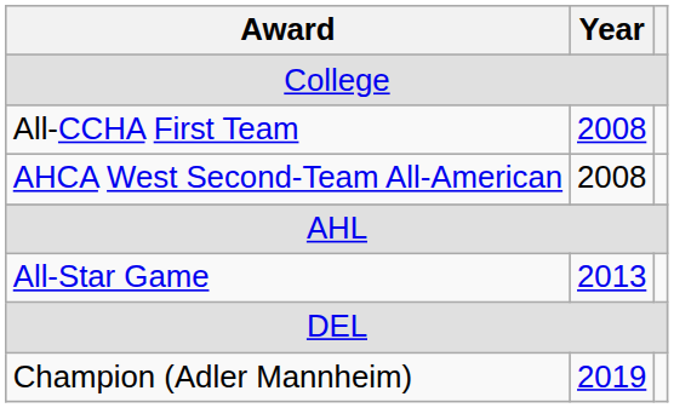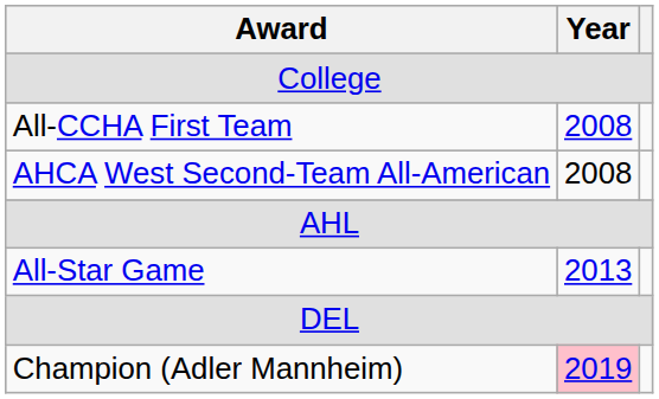 <table class="wikitable">
 <tr>
 <th>Award</th>
 <th>Year</th>
 <th></th>
 </tr>
 <tr ALIGN="center" bgcolor="#e0e0e0">
 <td colspan="3"><a href='#'>College</a></td>
 </tr>
 <tr>
 <td>All-<a href='#'>CCHA</a> <a href='#'>First Team</a></td>
 <td><a href='#'>2008</a></td>
 <td></td>
 </tr>
 <tr>
 <td><a href='#'>AHCA</a> <a href='#'>West Second-Team All-American</a></td>
 <td>2008</td>
 <td></td>
 </tr>
 <tr ALIGN="center" bgcolor="#e0e0e0">
 <td colspan="3"><a href='#'>AHL</a></td>
 </tr>
 <tr>
 <td><a href='#'>All-Star Game</a></td>
 <td><a href='#'>2013</a></td>
 <td></td>
 </tr>
 <tr ALIGN="center" bgcolor="#e0e0e0">
 <td colspan="3"><a href='#'>DEL</a></td>
 </tr>
 <tr>
 <td>Champion (Adler Mannheim)</td>
-<td><a href='#'>2019</a></td>
+<td style="background: pink;"><a href='#'>2019</a></td>
 <td></td>
 </tr>
 </table>
